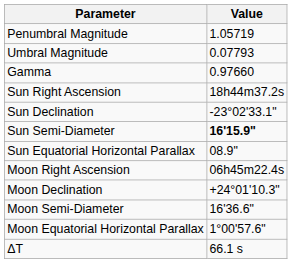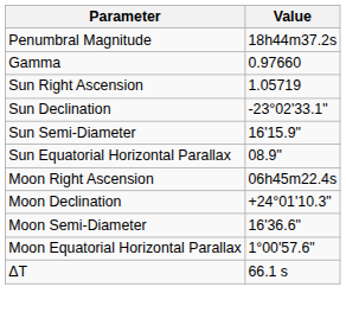 <table class="wikitable">
 <tr>
 <th>Parameter</th>
 <th>Value</th>
 </tr>
 <tr>
 <td>Penumbral Magnitude</td>
-<td>1.05719</td>
-</tr>
-<tr>
-<td>Umbral Magnitude</td>
-<td>0.07793</td>
+<td>18h44m37.2s</td>
 </tr>
 <tr>
 <td>Gamma</td>
 <td>0.97660</td>
 </tr>
 <tr>
 <td>Sun Right Ascension</td>
-<td>18h44m37.2s</td>
+<td>1.05719</td>
 </tr>
 <tr>
 <td>Sun Declination</td>
 <td>-23°02'33.1"</td>
 </tr>
 <tr>
 <td>Sun Semi-Diameter</td>
-<td><strong>16'15.9"</strong></td>
+<td>16'15.9"</td>
 </tr>
 <tr>
 <td>Sun Equatorial Horizontal Parallax</td>
 <td>08.9"</td>
 </tr>
 <tr>
 <td>Moon Right Ascension</td>
 <td>06h45m22.4s</td>
 </tr>
 <tr>
 <td>Moon Declination</td>
 <td>+24°01'10.3"</td>
 </tr>
 <tr>
 <td>Moon Semi-Diameter</td>
 <td>16'36.6"</td>
 </tr>
 <tr>
 <td>Moon Equatorial Horizontal Parallax</td>
 <td>1°00'57.6"</td>
 </tr>
 <tr>
 <td>ΔT</td>
 <td>66.1 s</td>
 </tr>
 </table>
